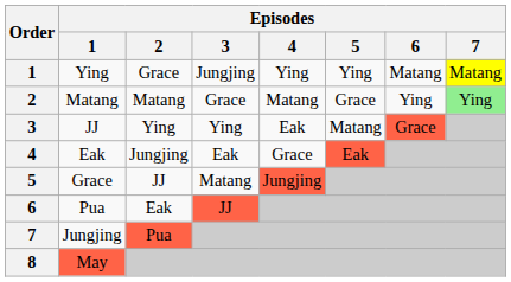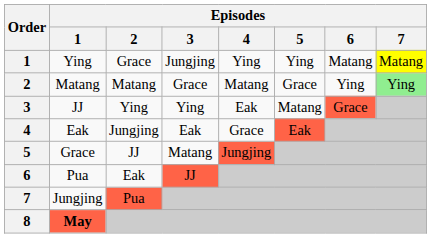 <table class="wikitable" style="text-align:center;">
 <tr>
 <th rowspan=2>Order</th>
 <th colspan=7>Episodes</th>
 </tr>
 <tr>
 <th>1</th>
 <th>2</th>
 <th>3</th>
 <th>4</th>
 <th>5</th>
 <th>6</th>
 <th>7</th>
 </tr>
 <tr>
 <th>1</th>
 <td>Ying</td>
 <td><span>Grace</span></td>
 <td><span>Jungjing</span></td>
 <td><span>Ying</span></td>
 <td><span>Ying</span></td>
 <td><span>Matang</span></td>
 <td bgcolor="yellow"><span>Matang</span></td>
 </tr>
 <tr>
 <th>2</th>
 <td><span>Matang</span></td>
 <td>Matang</td>
 <td>Grace</td>
 <td><span>Matang</span></td>
 <td>Grace</td>
 <td><span>Ying</span></td>
 <td bgcolor="lightgreen"><span>Ying</span></td>
 </tr>
 <tr>
 <th>3</th>
 <td><span>JJ</span></td>
 <td>Ying</td>
 <td>Ying</td>
 <td>Eak</td>
 <td><span>Matang</span></td>
 <td bgcolor = "Tomato">Grace</td>
 <td style="background:#CCCCCC;"></td>
 </tr>
 <tr>
 <th>4</th>
 <td>Eak</td>
 <td>Jungjing</td>
 <td>Eak</td>
 <td>Grace</td>
 <td bgcolor = "Tomato">Eak</td>
 <td style="background:#CCCCCC;" colspan="2"></td>
 </tr>
 <tr>
 <th>5</th>
 <td>Grace</td>
 <td><span>JJ</span></td>
 <td><span>Matang</span></td>
 <td bgcolor = "Tomato"><span>Jungjing</span></td>
 <td style="background:#CCCCCC;" colspan="3"></td>
 </tr>
 <tr>
 <th>6</th>
 <td>Pua</td>
 <td>Eak</td>
 <td bgcolor = "Tomato">JJ</td>
 <td style="background:#CCCCCC;" colspan="4"></td>
 </tr>
 <tr>
 <th>7</th>
 <td>Jungjing</td>
 <td bgcolor = "Tomato">Pua</td>
 <td style="background:#CCCCCC;" colspan="5"></td>
 </tr>
 <tr>
 <th>8</th>
-<td bgcolor = "Tomato">May</td>
+<td bgcolor = "Tomato"><strong>May</strong></td>
 <td style="background:#CCCCCC;" colspan="6"></td>
 </tr>
 </table>
